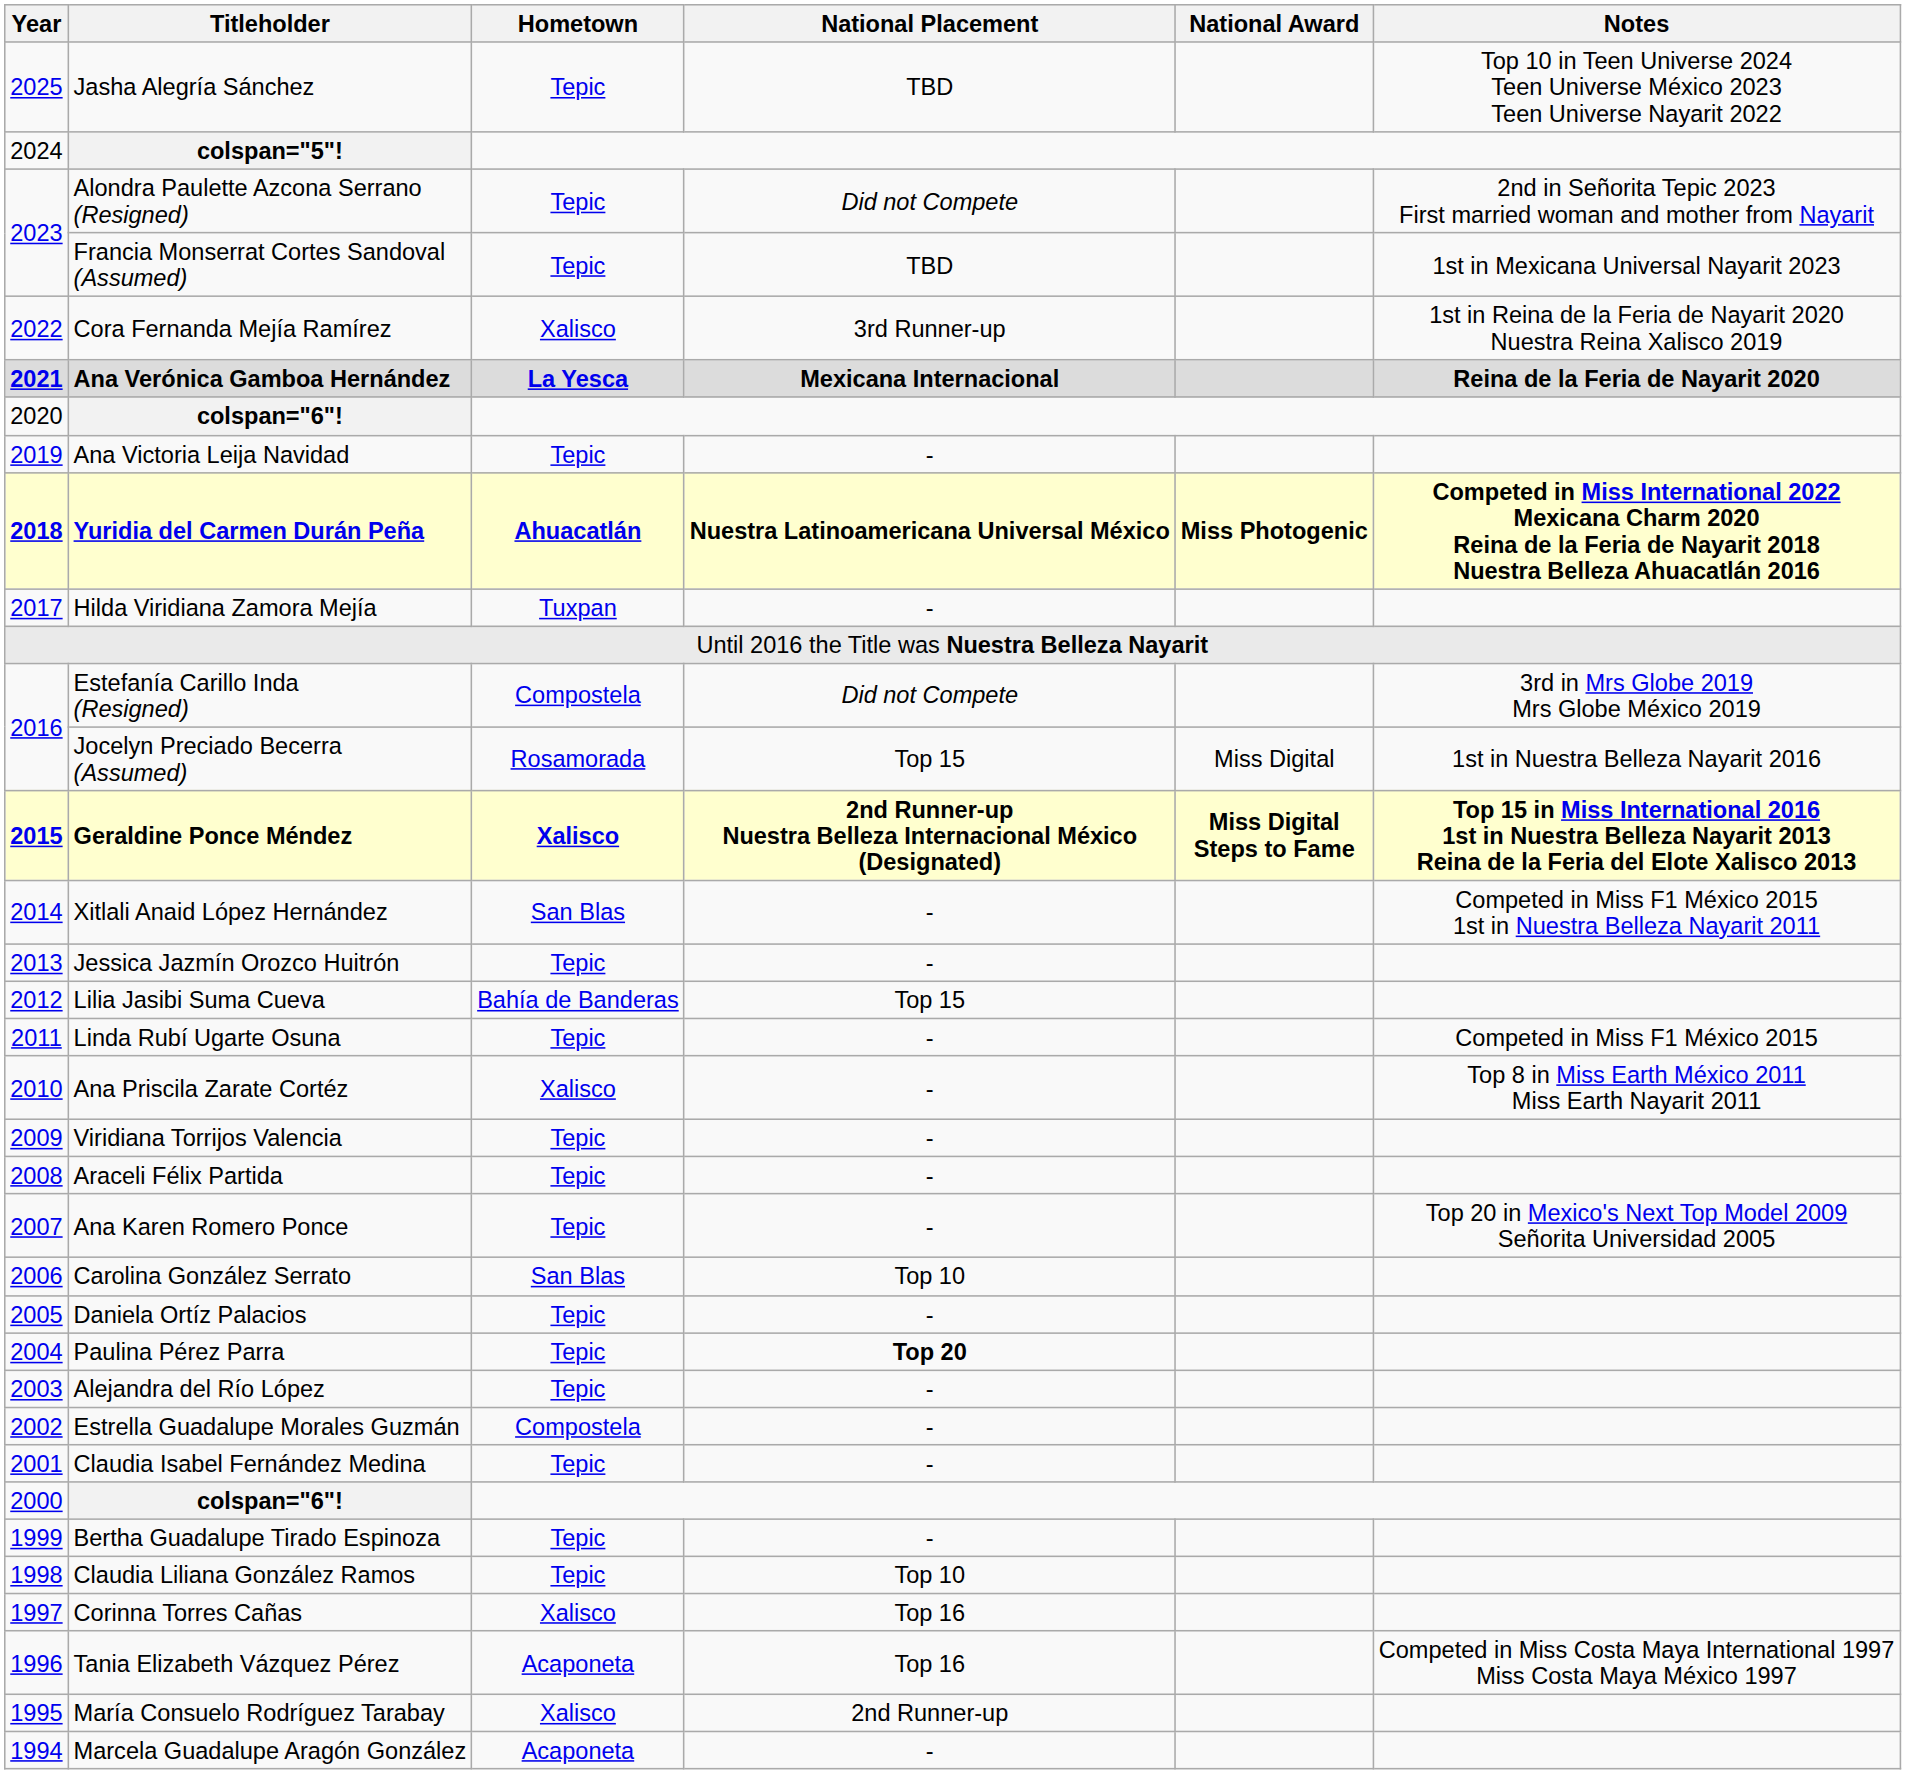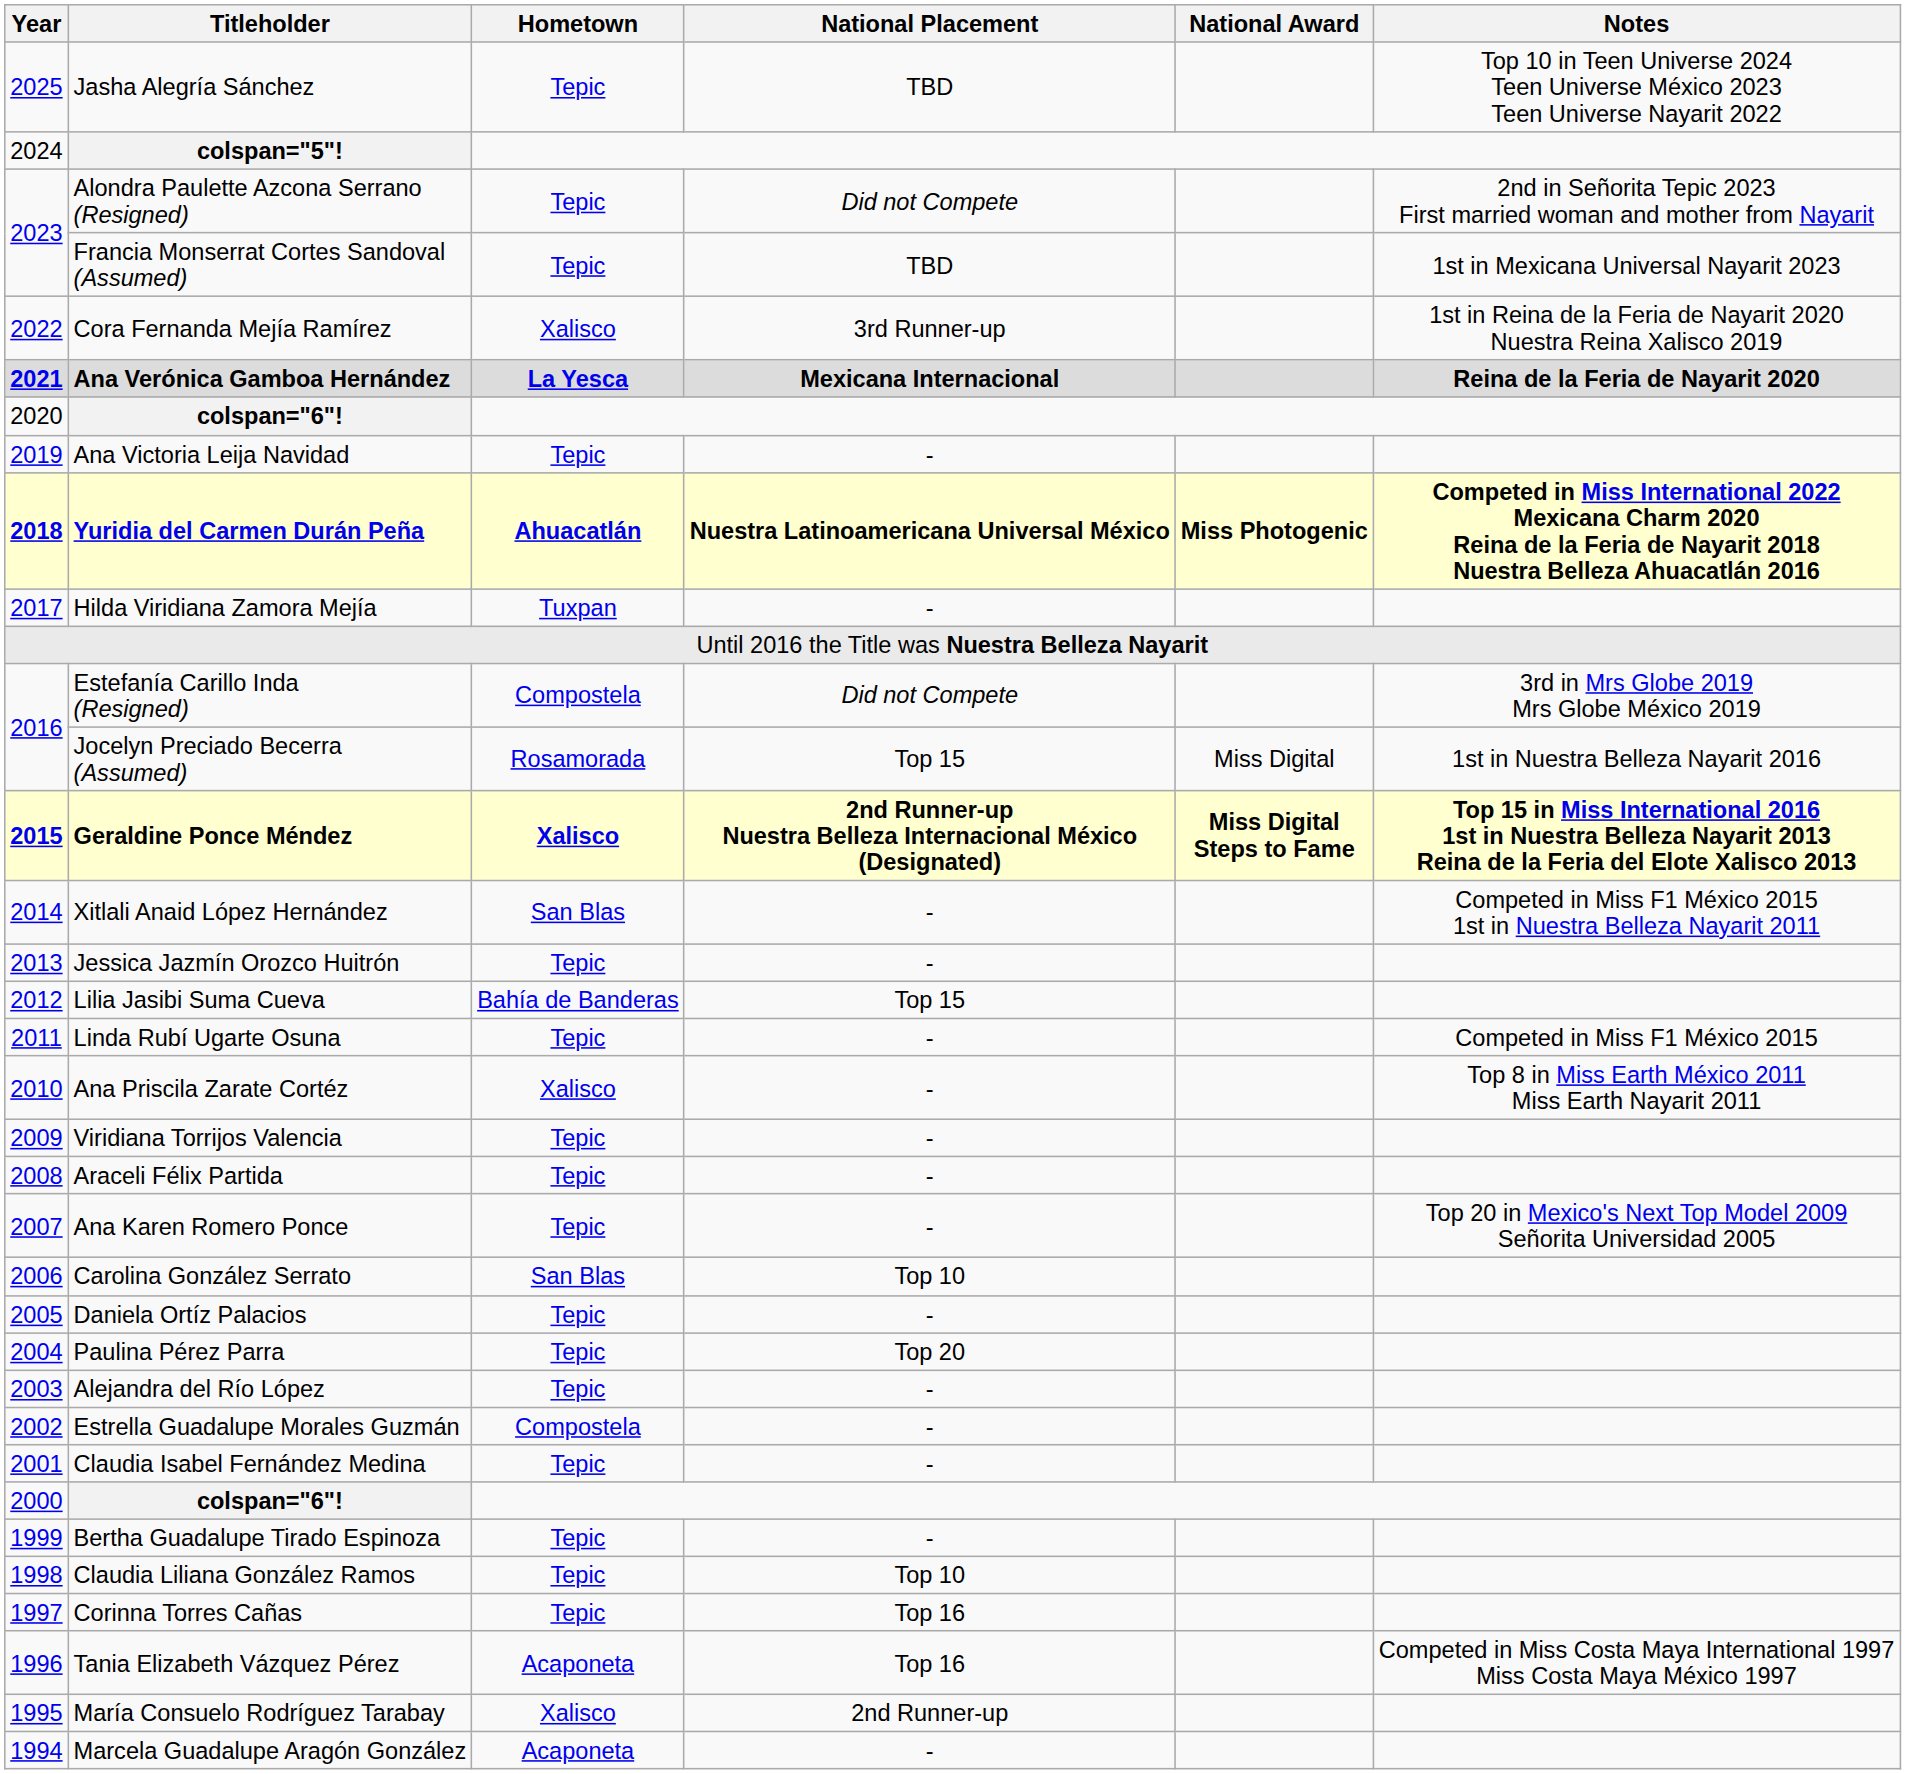 <table class="wikitable sortable" style="font-size:95%;">
 <tr>
 <th>Year</th>
 <th>Titleholder</th>
 <th>Hometown</th>
 <th>National Placement</th>
 <th>National Award</th>
 <th>Notes</th>
 </tr>
 <tr>
 <td align="center"><a href='#'>2025</a></td>
 <td>Jasha Alegría Sánchez</td>
 <td align="center"><a href='#'>Tepic</a></td>
 <td align="center">TBD</td>
 <td align="center"></td>
 <td align="center">Top 10 in Teen Universe 2024<br>Teen Universe México 2023<br>Teen Universe Nayarit 2022</td>
 </tr>
 <tr>
 <td align="center">2024</td>
 <th>colspan="5"!</th>
 </tr>
 <tr>
 <td rowspan=2 align="center"><a href='#'>2023</a></td>
 <td>Alondra Paulette Azcona Serrano<br><em>(Resigned)</em></td>
 <td align="center"><a href='#'>Tepic</a></td>
 <td align="center"><em>Did not Compete</em></td>
 <td align="center"></td>
 <td align="center">2nd in Señorita Tepic 2023<br>First married woman and mother from <a href='#'>Nayarit</a></td>
 </tr>
 <tr>
 <td>Francia Monserrat Cortes Sandoval<br><em>(Assumed)</em></td>
 <td align="center"><a href='#'>Tepic</a></td>
 <td align="center">TBD</td>
 <td align="center"></td>
 <td align="center">1st in Mexicana Universal Nayarit 2023</td>
 </tr>
 <tr>
 <td align="center"><a href='#'>2022</a></td>
 <td>Cora Fernanda Mejía Ramírez</td>
 <td align="center"><a href='#'>Xalisco</a></td>
 <td align="center">3rd Runner-up</td>
 <td align="center"></td>
 <td align="center">1st in Reina de la Feria de Nayarit 2020<br>Nuestra Reina Xalisco 2019</td>
 </tr>
 <tr bgcolor="#DCDCDC">
 <td align="center"><strong><a href='#'>2021</a></strong></td>
 <td><strong>Ana Verónica Gamboa Hernández</strong></td>
 <td align="center"><strong><a href='#'>La Yesca</a></strong></td>
 <td align="center"><strong>Mexicana Internacional</strong></td>
 <td align="center"></td>
 <td align="center"><strong>Reina de la Feria de Nayarit 2020</strong></td>
 </tr>
 <tr>
 <td align="center">2020</td>
 <th>colspan="6"!</th>
 </tr>
 <tr>
 <td align="center"><a href='#'>2019</a></td>
 <td>Ana Victoria Leija Navidad</td>
 <td align="center"><a href='#'>Tepic</a></td>
 <td align="center">-</td>
 <td align="center"></td>
 <td align="center"></td>
 </tr>
 <tr bgcolor="#FFFFCF">
 <td align="center"><strong><a href='#'>2018</a></strong></td>
 <td><strong><a href='#'>Yuridia del Carmen Durán Peña</a></strong></td>
 <td align="center"><strong><a href='#'>Ahuacatlán</a></strong></td>
 <td align="center"><strong>Nuestra Latinoamericana Universal México</strong></td>
 <td align="center"><strong>Miss Photogenic</strong></td>
 <td align="center"><strong>Competed in <a href='#'>Miss International 2022</a><br>Mexicana Charm 2020<br>Reina de la Feria de Nayarit 2018<br>Nuestra Belleza Ahuacatlán 2016</strong></td>
 </tr>
 <tr>
 <td align="center"><a href='#'>2017</a></td>
 <td>Hilda Viridiana Zamora Mejía</td>
 <td align="center"><a href='#'>Tuxpan</a></td>
 <td align="center">-</td>
 <td align="center"></td>
 <td align="center"></td>
 </tr>
 <tr>
 <td colspan="7" style="text-align:center; background:#EAEAEA">Until 2016 the Title was <strong>Nuestra Belleza Nayarit</strong></td>
 </tr>
 <tr>
 <td rowspan=2 align="center"><a href='#'>2016</a></td>
 <td>Estefanía Carillo Inda<br><em>(Resigned)</em></td>
 <td align="center"><a href='#'>Compostela</a></td>
 <td align="center"><em>Did not Compete</em></td>
 <td align="center"></td>
 <td align="center">3rd  in <a href='#'>Mrs Globe 2019</a><br>Mrs Globe México 2019</td>
 </tr>
 <tr>
 <td>Jocelyn Preciado Becerra<br><em>(Assumed)</em></td>
 <td align="center"><a href='#'>Rosamorada</a></td>
 <td align="center">Top 15</td>
 <td align="center">Miss Digital</td>
 <td align="center">1st in Nuestra Belleza Nayarit 2016</td>
 </tr>
 <tr bgcolor="#FFFFCF">
 <td align="center"><strong><a href='#'>2015</a></strong></td>
 <td><strong>Geraldine Ponce Méndez</strong></td>
 <td align="center"><strong><a href='#'>Xalisco</a></strong></td>
 <td align="center"><strong>2nd Runner-up<br>Nuestra Belleza Internacional México<br>(Designated)</strong></td>
 <td align="center"><strong>Miss Digital<br>Steps to Fame</strong></td>
 <td align="center"><strong>Top 15 in <a href='#'>Miss International 2016</a><br>1st in Nuestra Belleza Nayarit 2013<br>Reina de la Feria del Elote Xalisco 2013</strong></td>
 </tr>
 <tr>
 <td align="center"><a href='#'>2014</a></td>
 <td>Xitlali Anaid López Hernández</td>
 <td align="center"><a href='#'>San Blas</a></td>
 <td align="center">-</td>
 <td align="center"></td>
 <td align="center">Competed in Miss F1 México 2015<br>1st in <a href='#'>Nuestra Belleza Nayarit 2011</a></td>
 </tr>
 <tr>
 <td align="center"><a href='#'>2013</a></td>
 <td>Jessica Jazmín Orozco Huitrón</td>
 <td align="center"><a href='#'>Tepic</a></td>
 <td align="center">-</td>
 <td align="center"></td>
 <td align="center"></td>
 </tr>
 <tr>
 <td align="center"><a href='#'>2012</a></td>
 <td>Lilia Jasibi Suma Cueva</td>
 <td align="center"><a href='#'>Bahía de Banderas</a></td>
 <td align="center">Top 15</td>
 <td align="center"></td>
 <td align="center"></td>
 </tr>
 <tr>
 <td align="center"><a href='#'>2011</a></td>
 <td>Linda Rubí Ugarte Osuna</td>
 <td align="center"><a href='#'>Tepic</a></td>
 <td align="center">-</td>
 <td align="center"></td>
 <td align="center">Competed in Miss F1 México 2015</td>
 </tr>
 <tr>
 <td align="center"><a href='#'>2010</a></td>
 <td>Ana Priscila Zarate Cortéz</td>
 <td align="center"><a href='#'>Xalisco</a></td>
 <td align="center">-</td>
 <td align="center"></td>
 <td align="center">Top 8 in <a href='#'>Miss Earth México 2011</a><br>Miss Earth Nayarit 2011</td>
 </tr>
 <tr>
 <td align="center"><a href='#'>2009</a></td>
 <td>Viridiana Torrijos Valencia</td>
 <td align="center"><a href='#'>Tepic</a></td>
 <td align="center">-</td>
 <td align="center"></td>
 <td align="center"></td>
 </tr>
 <tr>
 <td align="center"><a href='#'>2008</a></td>
 <td>Araceli Félix Partida</td>
 <td align="center"><a href='#'>Tepic</a></td>
 <td align="center">-</td>
 <td align="center"></td>
 <td align="center"></td>
 </tr>
 <tr>
 <td align="center"><a href='#'>2007</a></td>
 <td>Ana Karen Romero Ponce</td>
 <td align="center"><a href='#'>Tepic</a></td>
 <td align="center">-</td>
 <td align="center"></td>
 <td align="center">Top 20 in <a href='#'>Mexico's Next Top Model 2009</a><br>Señorita Universidad 2005</td>
 </tr>
 <tr>
 <td align="center"><a href='#'>2006</a></td>
 <td>Carolina González Serrato</td>
 <td align="center"><a href='#'>San Blas</a></td>
 <td align="center">Top 10</td>
 <td align="center"></td>
 <td align="center"></td>
 </tr>
 <tr>
 <td align="center"><a href='#'>2005</a></td>
 <td>Daniela Ortíz Palacios</td>
 <td align="center"><a href='#'>Tepic</a></td>
 <td align="center">-</td>
 <td align="center"></td>
 <td align="center"></td>
 </tr>
 <tr>
 <td align="center"><a href='#'>2004</a></td>
 <td>Paulina Pérez Parra</td>
 <td align="center"><a href='#'>Tepic</a></td>
-<td align="center"><strong>Top 20</strong></td>
+<td align="center">Top 20</td>
 <td align="center"></td>
 <td align="center"></td>
 </tr>
 <tr>
 <td align="center"><a href='#'>2003</a></td>
 <td>Alejandra del Río López</td>
 <td align="center"><a href='#'>Tepic</a></td>
 <td align="center">-</td>
 <td align="center"></td>
 <td align="center"></td>
 </tr>
 <tr>
 <td align="center"><a href='#'>2002</a></td>
 <td>Estrella Guadalupe Morales Guzmán</td>
 <td align="center"><a href='#'>Compostela</a></td>
 <td align="center">-</td>
 <td align="center"></td>
 <td align="center"></td>
 </tr>
 <tr>
 <td align="center"><a href='#'>2001</a></td>
 <td>Claudia Isabel Fernández Medina</td>
 <td align="center"><a href='#'>Tepic</a></td>
 <td align="center">-</td>
 <td align="center"></td>
 <td align="center"></td>
 </tr>
 <tr>
 <td align="center"><a href='#'>2000</a></td>
 <th>colspan="6"!</th>
 </tr>
 <tr>
 <td align="center"><a href='#'>1999</a></td>
 <td>Bertha Guadalupe Tirado Espinoza</td>
 <td align="center"><a href='#'>Tepic</a></td>
 <td align="center">-</td>
 <td align="center"></td>
 <td align="center"></td>
 </tr>
 <tr>
 <td align="center"><a href='#'>1998</a></td>
 <td>Claudia Liliana González Ramos</td>
 <td align="center"><a href='#'>Tepic</a></td>
 <td align="center">Top 10</td>
 <td align="center"></td>
 <td align="center"></td>
 </tr>
 <tr>
 <td align="center"><a href='#'>1997</a></td>
 <td>Corinna Torres Cañas</td>
-<td align="center"><a href='#'>Xalisco</a></td>
+<td align="center"><a href='#'>Tepic</a></td>
 <td align="center">Top 16</td>
 <td align="center"></td>
 <td align="center"></td>
 </tr>
 <tr>
 <td align="center"><a href='#'>1996</a></td>
 <td>Tania Elizabeth Vázquez Pérez</td>
 <td align="center"><a href='#'>Acaponeta</a></td>
 <td align="center">Top 16</td>
 <td align="center"></td>
 <td align="center">Competed in Miss Costa Maya International 1997<br>Miss Costa Maya México 1997</td>
 </tr>
 <tr>
 <td align="center"><a href='#'>1995</a></td>
 <td>María Consuelo Rodríguez Tarabay</td>
 <td align="center"><a href='#'>Xalisco</a></td>
 <td align="center">2nd Runner-up</td>
 <td align="center"></td>
 <td align="center"></td>
 </tr>
 <tr>
 <td align="center"><a href='#'>1994</a></td>
 <td>Marcela Guadalupe Aragón González</td>
 <td align="center"><a href='#'>Acaponeta</a></td>
 <td align="center">-</td>
 <td align="center"></td>
 <td align="center"></td>
 </tr>
 </table>
